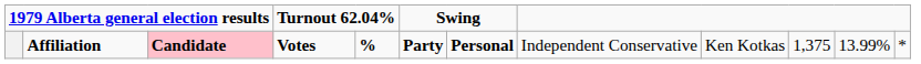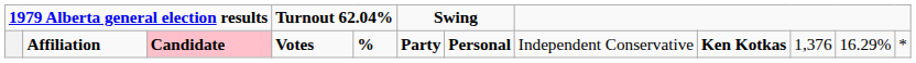 <table class="wikitable">
 <tr>
 <td colspan="3" align=center><strong><a href='#'>1979 Alberta general election</a> results</strong></td>
 <td colspan="2"><strong>Turnout 62.04%</strong></td>
 <td colspan="2" align=center><strong>Swing</strong></td>
 </tr>
 <tr>
 <th style="width: 10px;"></th>
 <td><strong>Affiliation</strong></td>
 <td style="background: pink;"><strong>Candidate</strong></td>
 <td><strong>Votes</strong></td>
 <td><strong>%</strong></td>
 <td><strong>Party</strong></td>
 <td><strong>Personal</strong><br> </td>
 <td>Independent Conservative</td>
-<td>Ken Kotkas</td>
-<td>1,375</td>
-<td>13.99%</td>
+<td><strong>Ken Kotkas</strong></td>
+<td>1,376</td>
+<td>16.29%</td>
 <td colspan=2 align=center>*<br>      </td>
 </tr>
 </table>
